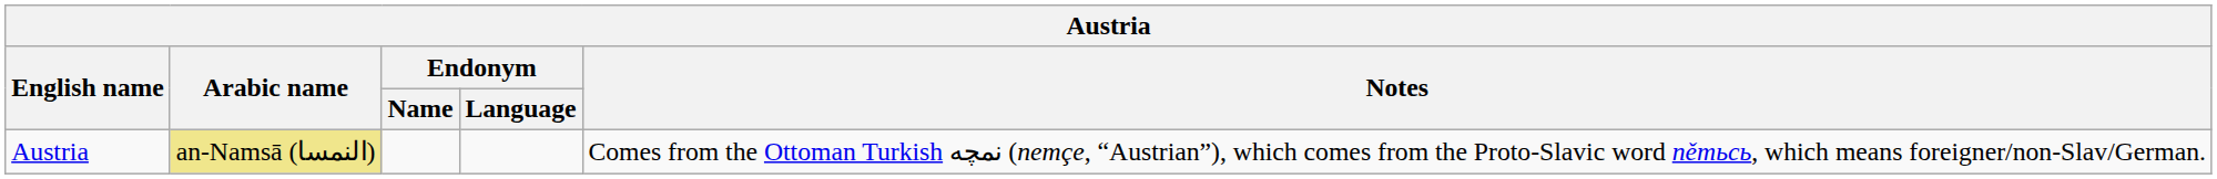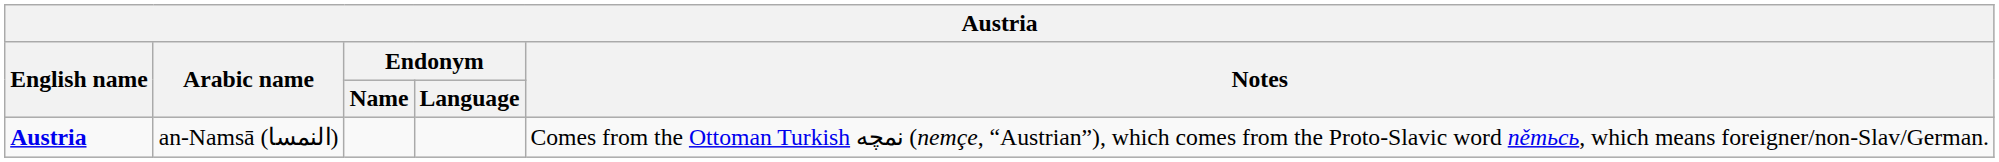 <table class="wikitable sortable">
 <tr>
 <th colspan="5">Austria</th>
 </tr>
 <tr>
 <th rowspan="2">English name</th>
 <th rowspan="2">Arabic name</th>
 <th colspan="2">Endonym</th>
 <th rowspan="2">Notes</th>
 </tr>
 <tr>
 <th>Name</th>
 <th>Language</th>
 </tr>
 <tr>
-<td><a href='#'>Austria</a></td>
-<td style="background: khaki;">an-Namsā (النمسا)</td>
+<td><strong><a href='#'>Austria</a></strong></td>
+<td>an-Namsā (النمسا)</td>
 <td></td>
 <td></td>
 <td>Comes from the <a href='#'>Ottoman Turkish</a> نمچه (<em>nemçe</em>, “Austrian”), which comes from the Proto-Slavic word <em><a href='#'>němьcь</a></em>, which means foreigner/non-Slav/German.</td>
 </tr>
 </table>
